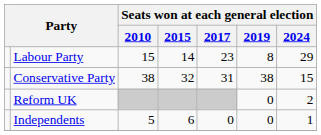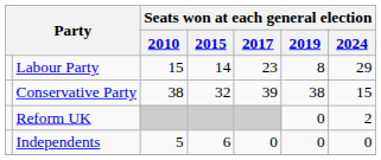 <table class="wikitable">
 <tr>
 <th rowspan=2 colspan=2 align="center">Party</th>
 <th colspan=5>Seats won at each general election</th>
 </tr>
 <tr>
 <th valign="top"><a href='#'>2010</a></th>
 <th valign="top"><a href='#'>2015</a></th>
 <th valign="top"><a href='#'>2017</a></th>
 <th valign="top"><a href='#'>2019</a></th>
 <th valign="top"><a href='#'>2024</a></th>
 </tr>
 <tr>
 <td style="color:inherit;background:"></td>
 <td><a href='#'>Labour Party</a></td>
 <td align="right">15</td>
 <td align="right">14</td>
 <td align="right">23</td>
 <td align="right">8</td>
 <td align="right">29</td>
 </tr>
 <tr>
 <td style="color:inherit;background:"></td>
 <td><a href='#'>Conservative Party</a></td>
 <td align="right">38</td>
 <td align="right">32</td>
-<td align="right">31</td>
+<td align="right">39</td>
 <td align="right">38</td>
 <td align="right">15</td>
 </tr>
 <tr>
 <td style="color:inherit;background:"></td>
 <td><a href='#'>Reform UK</a></td>
 <td bgcolor="CCCCCC"></td>
 <td bgcolor="CCCCCC"></td>
 <td bgcolor="CCCCCC"></td>
 <td align="right">0</td>
 <td align="right">2</td>
 </tr>
 <tr>
 <td style="color:inherit;background:"></td>
 <td><a href='#'>Independents</a></td>
 <td align="right">5</td>
 <td align="right">6</td>
 <td align="right">0</td>
 <td align="right">0</td>
-<td align="right">1</td>
+<td align="right">0</td>
 </tr>
 <tr>
 </tr>
 </table>
